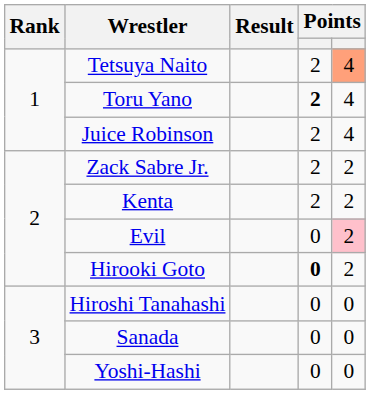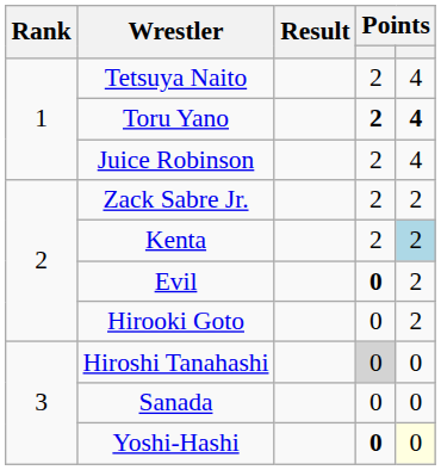 <table class="wikitable mw-collapsible mw-collapsed" plainrowheaders sortable" style="text-align: center">
 <tr>
 <th scope="col" rowspan="2">Rank</th>
 <th scope="col" rowspan="2">Wrestler</th>
 <th scope="col" rowspan="2">Result</th>
 <th scope="col" colspan="2">Points</th>
 </tr>
 <tr>
 <th></th>
 <th></th>
 </tr>
 <tr>
 <td rowspan="3">1</td>
 <td><a href='#'>Tetsuya Naito</a></td>
 <td></td>
 <td>2</td>
-<td style="background: lightsalmon;">4</td>
+<td>4</td>
 </tr>
 <tr>
 <td><a href='#'>Toru Yano</a></td>
 <td></td>
 <td><strong>2</strong></td>
-<td>4</td>
+<td><strong>4</strong></td>
 </tr>
 <tr>
 <td><a href='#'>Juice Robinson</a></td>
 <td></td>
 <td>2</td>
 <td>4</td>
 </tr>
 <tr>
 <td rowspan="4">2</td>
 <td><a href='#'>Zack Sabre Jr.</a></td>
 <td></td>
 <td>2</td>
 <td>2</td>
 </tr>
 <tr>
 <td><a href='#'>Kenta</a></td>
 <td></td>
 <td>2</td>
-<td>2</td>
+<td style="background: lightblue;">2</td>
 </tr>
 <tr>
 <td><a href='#'>Evil</a></td>
 <td></td>
-<td>0</td>
-<td style="background: pink;">2</td>
+<td><strong>0</strong></td>
+<td>2</td>
 </tr>
 <tr>
 <td><a href='#'>Hirooki Goto</a></td>
 <td></td>
-<td><strong>0</strong></td>
+<td>0</td>
 <td>2</td>
 </tr>
 <tr>
 <td rowspan="3">3</td>
 <td><a href='#'>Hiroshi Tanahashi</a></td>
 <td></td>
-<td>0</td>
+<td style="background: lightgrey;">0</td>
 <td>0</td>
 </tr>
 <tr>
 <td><a href='#'>Sanada</a></td>
 <td></td>
 <td>0</td>
 <td>0</td>
 </tr>
 <tr>
 <td><a href='#'>Yoshi-Hashi</a></td>
 <td></td>
-<td>0</td>
-<td>0</td>
+<td><strong>0</strong></td>
+<td style="background: lightyellow;">0</td>
 </tr>
 </table>
